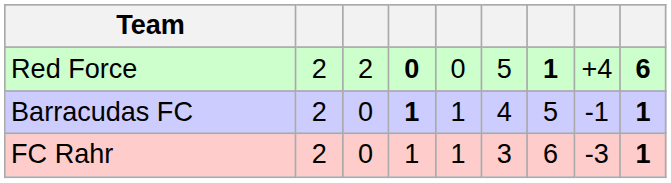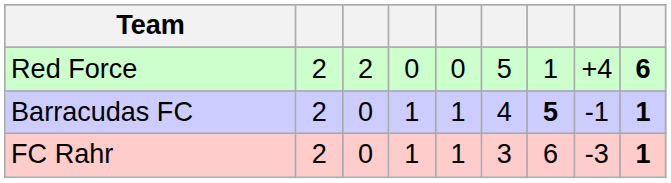 <table class=wikitable style="text-align:center">
 <tr>
 <th style="width:165px;">Team</th>
 <th width="20"></th>
 <th width="20"></th>
 <th width="20"></th>
 <th width="20"></th>
 <th width="20"></th>
 <th width="20"></th>
 <th width="20"></th>
 <th width="20"></th>
 </tr>
 <tr style="background: #ccffcc;">
 <td align=left> Red Force</td>
 <td>2</td>
 <td>2</td>
-<td><strong>0</strong></td>
+<td>0</td>
 <td>0</td>
 <td>5</td>
-<td><strong>1</strong></td>
+<td>1</td>
 <td>+4</td>
 <td><strong>6 </strong></td>
 </tr>
 <tr style="background: #ccccff;">
 <td align=left> Barracudas FC</td>
 <td>2</td>
 <td>0</td>
-<td><strong>1</strong></td>
+<td>1</td>
 <td>1</td>
 <td>4</td>
-<td>5</td>
+<td><strong>5</strong></td>
 <td>-1</td>
 <td><strong>1 </strong></td>
 </tr>
 <tr style="background: #ffcccc;">
 <td align=left> FC Rahr</td>
 <td>2</td>
 <td>0</td>
 <td>1</td>
 <td>1</td>
 <td>3</td>
 <td>6</td>
 <td>-3</td>
 <td><strong>1 </strong></td>
 </tr>
 </table>
